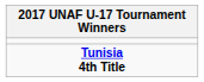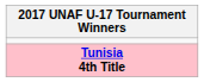 <table class="wikitable" style="text-align: center; margin: 0 auto; width: 20%">
 <tr>
 <th>2017 UNAF U-17 Tournament Winners</th>
 </tr>
 <tr>
 <td></td>
 </tr>
 <tr>
-<td><strong><a href='#'>Tunisia</a></strong><br><strong>4th Title</strong></td>
+<td style="background: pink;"><strong><a href='#'>Tunisia</a></strong><br><strong>4th Title</strong></td>
 </tr>
 </table>
